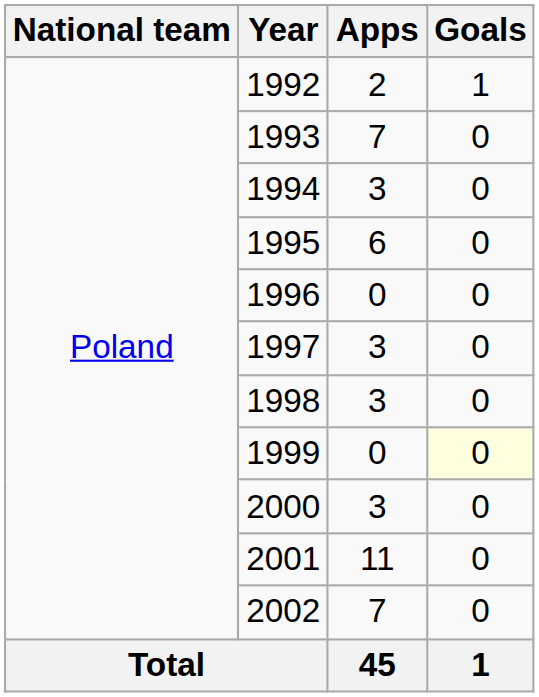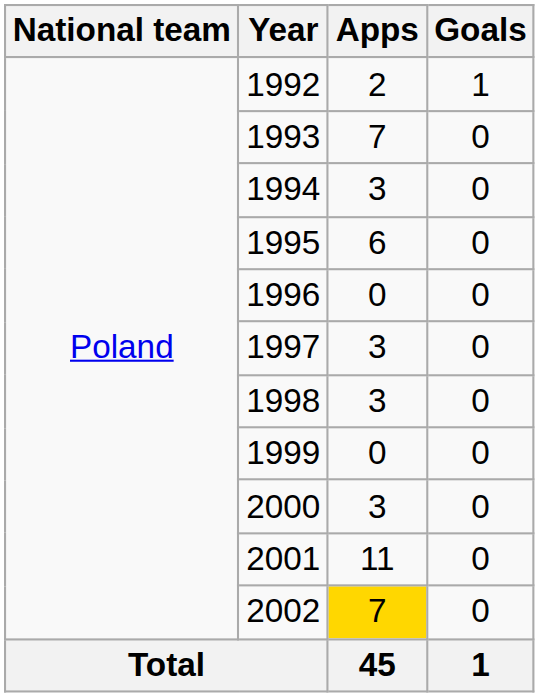 <table class="wikitable" style="text-align:center">
 <tr>
 <th>National team</th>
 <th>Year</th>
 <th>Apps</th>
 <th>Goals</th>
 </tr>
 <tr>
 <td rowspan="11"><a href='#'>Poland</a></td>
 <td>1992</td>
 <td>2</td>
 <td>1</td>
 </tr>
 <tr>
 <td>1993</td>
 <td>7</td>
 <td>0</td>
 </tr>
 <tr>
 <td>1994</td>
 <td>3</td>
 <td>0</td>
 </tr>
 <tr>
 <td>1995</td>
 <td>6</td>
 <td>0</td>
 </tr>
 <tr>
 <td>1996</td>
 <td>0</td>
 <td>0</td>
 </tr>
 <tr>
 <td>1997</td>
 <td>3</td>
 <td>0</td>
 </tr>
 <tr>
 <td>1998</td>
 <td>3</td>
 <td>0</td>
 </tr>
 <tr>
 <td>1999</td>
 <td>0</td>
-<td style="background: lightyellow;">0</td>
+<td>0</td>
 </tr>
 <tr>
 <td>2000</td>
 <td>3</td>
 <td>0</td>
 </tr>
 <tr>
 <td>2001</td>
 <td>11</td>
 <td>0</td>
 </tr>
 <tr>
 <td>2002</td>
-<td>7</td>
+<td style="background: gold;">7</td>
 <td>0</td>
 </tr>
 <tr>
 <th colspan="2">Total</th>
 <th>45</th>
 <th>1</th>
 </tr>
 </table>
